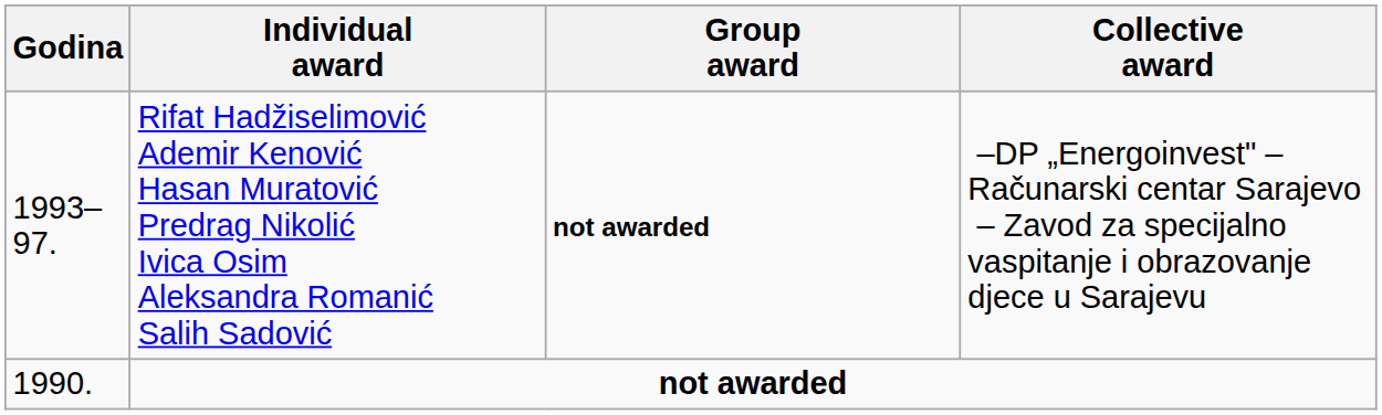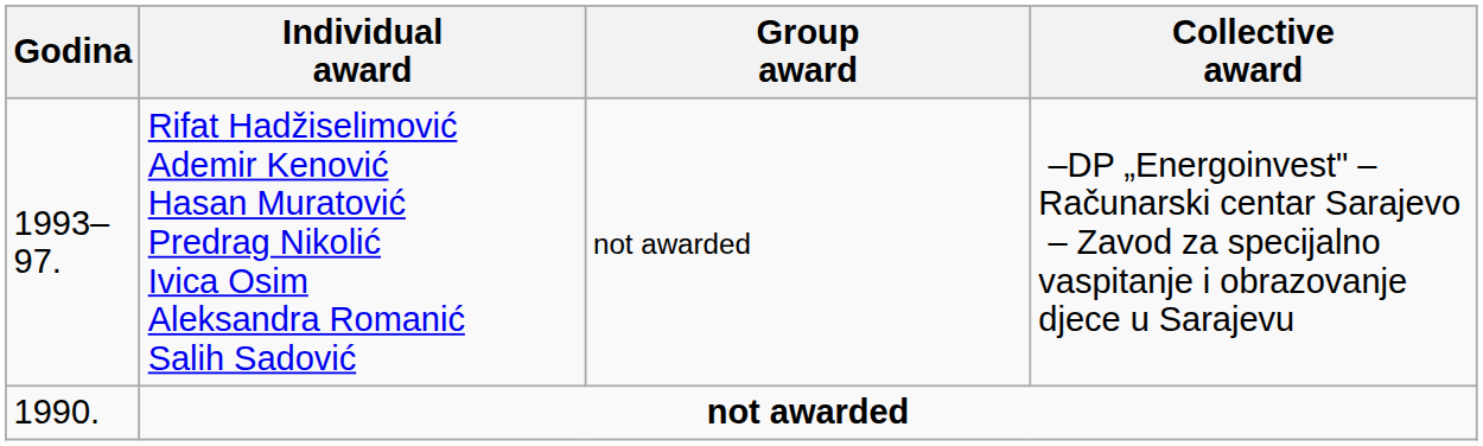 <table class="wikitable">
 <tr>
 <th width="50">Godina</th>
 <th width="200">Individual<br>award</th>
 <th width="200">Group<br>award</th>
 <th width="200">Collective<br>award</th>
 </tr>
 <tr>
 <td>1993–97.</td>
 <td><a href='#'>Rifat Hadžiselimović</a><br><a href='#'>Ademir Kenović</a><br><a href='#'>Hasan Muratović</a><br><a href='#'>Predrag Nikolić</a><br><a href='#'>Ivica Osim</a><br><a href='#'>Aleksandra Romanić</a><br><a href='#'>Salih Sadović</a></td>
-<td><strong><small> not awarded </small></strong></td>
+<td><small> not awarded </small></td>
 <td> –DP „Energoinvest" – Računarski centar Sarajevo <br> – Zavod za specijalno vaspitanje i obrazovanje djece u Sarajevu</td>
 </tr>
 <tr>
 <td>1990.</td>
 <td colspan="3" align="center"><strong>not awarded</strong></td>
 </tr>
 </table>
